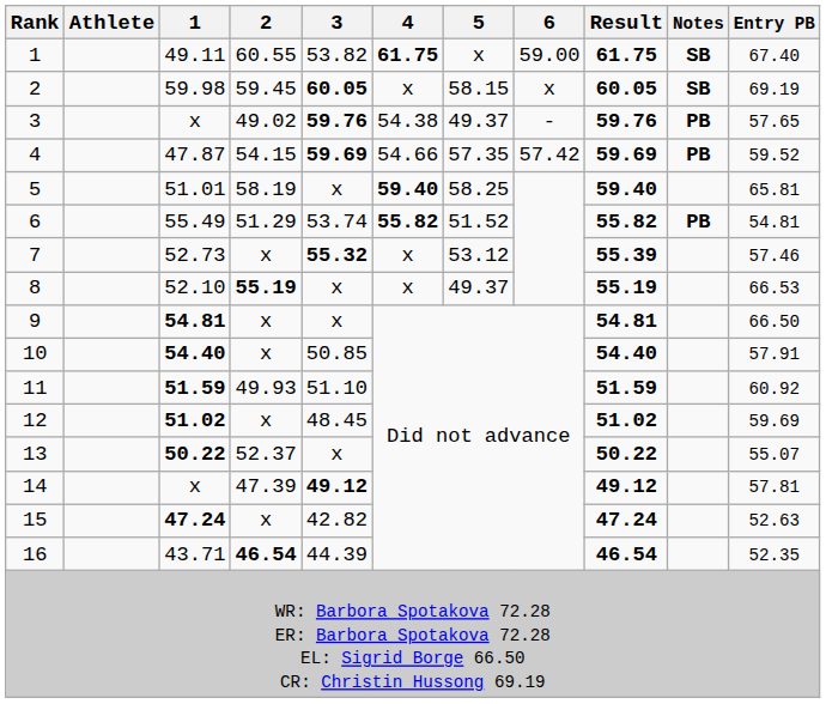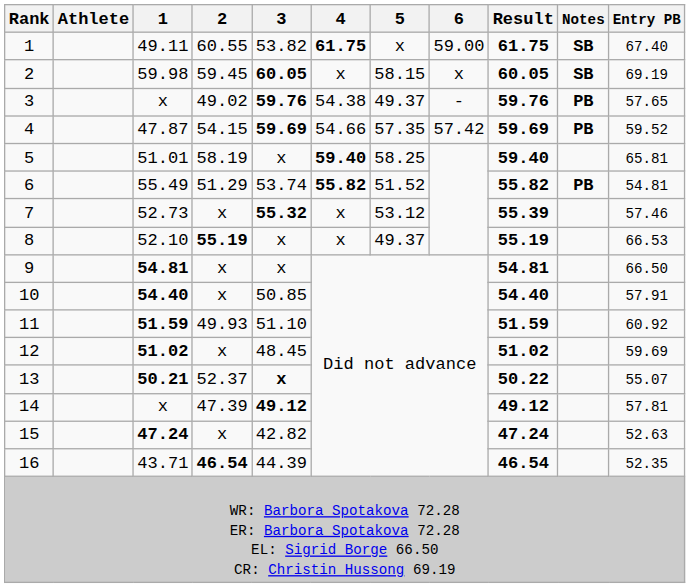 <table class="wikitable sortable" style="text-align:center;">
 <tr>
 <th>Rank</th>
 <th>Athlete</th>
 <th>1</th>
 <th>2</th>
 <th>3</th>
 <th>4</th>
 <th>5</th>
 <th>6</th>
 <th>Result</th>
 <th><small>Notes</small></th>
 <th><small>Entry PB</small></th>
 </tr>
 <tr>
 <td>1</td>
 <td align=left></td>
 <td>49.11</td>
 <td>60.55</td>
 <td>53.82</td>
 <td><strong>61.75</strong></td>
 <td>x</td>
 <td>59.00</td>
 <td><strong>61.75</strong></td>
 <td> <strong>SB</strong></td>
 <td><small>67.40</small></td>
 </tr>
 <tr>
 <td>2</td>
 <td align=left></td>
 <td>59.98</td>
 <td>59.45</td>
 <td><strong>60.05</strong></td>
 <td>x</td>
 <td>58.15</td>
 <td>x</td>
 <td><strong>60.05</strong></td>
 <td><strong>SB</strong></td>
 <td><small>69.19</small></td>
 </tr>
 <tr>
 <td>3</td>
 <td align=left></td>
 <td>x</td>
 <td>49.02</td>
 <td><strong>59.76</strong></td>
 <td>54.38</td>
 <td>49.37</td>
 <td>-</td>
 <td><strong>59.76</strong></td>
 <td><strong>PB</strong></td>
 <td><small>57.65</small></td>
 </tr>
 <tr>
 <td>4</td>
 <td align=left></td>
 <td>47.87</td>
 <td>54.15</td>
 <td><strong>59.69</strong></td>
 <td>54.66</td>
 <td>57.35</td>
 <td>57.42</td>
 <td><strong>59.69</strong></td>
 <td><strong>PB</strong></td>
 <td><small>59.52</small></td>
 </tr>
 <tr>
 <td>5</td>
 <td align=left></td>
 <td>51.01</td>
 <td>58.19</td>
 <td>x</td>
 <td><strong>59.40</strong></td>
 <td>58.25</td>
 <td rowspan=4></td>
 <td><strong>59.40</strong></td>
 <td></td>
 <td><small>65.81</small></td>
 </tr>
 <tr>
 <td>6</td>
 <td align=left></td>
 <td>55.49</td>
 <td>51.29</td>
 <td>53.74</td>
 <td><strong>55.82</strong></td>
 <td>51.52</td>
 <td><strong>55.82</strong></td>
 <td><strong>PB</strong></td>
 <td><small>54.81</small></td>
 </tr>
 <tr>
 <td>7</td>
 <td align=left></td>
 <td>52.73</td>
 <td>x</td>
 <td><strong>55.32</strong></td>
 <td>x</td>
 <td>53.12</td>
 <td><strong>55.39</strong></td>
 <td></td>
 <td><small>57.46</small></td>
 </tr>
 <tr>
 <td>8</td>
 <td align=left></td>
 <td>52.10</td>
 <td><strong>55.19</strong></td>
 <td>x</td>
 <td>x</td>
 <td>49.37</td>
 <td><strong>55.19</strong></td>
 <td></td>
 <td><small>66.53</small></td>
 </tr>
 <tr>
 <td>9</td>
 <td align=left></td>
 <td><strong>54.81</strong></td>
 <td>x</td>
 <td>x</td>
 <td rowspan=8 colspan=3>Did not advance</td>
 <td><strong>54.81</strong></td>
 <td></td>
 <td><small>66.50</small></td>
 </tr>
 <tr>
 <td>10</td>
 <td align=left></td>
 <td><strong>54.40</strong></td>
 <td>x</td>
 <td>50.85</td>
 <td><strong>54.40</strong></td>
 <td></td>
 <td><small>57.91</small></td>
 </tr>
 <tr>
 <td>11</td>
 <td align=left></td>
 <td><strong>51.59</strong></td>
 <td>49.93</td>
 <td>51.10</td>
 <td><strong>51.59</strong></td>
 <td></td>
 <td><small>60.92</small></td>
 </tr>
 <tr>
 <td>12</td>
 <td align=left></td>
 <td><strong>51.02</strong></td>
 <td>x</td>
 <td>48.45</td>
 <td><strong>51.02</strong></td>
 <td></td>
 <td><small>59.69</small></td>
 </tr>
 <tr>
 <td>13</td>
 <td align=left></td>
-<td><strong>50.22</strong></td>
+<td><strong>50.21</strong></td>
 <td>52.37</td>
-<td>x</td>
+<td><strong>x</strong></td>
 <td><strong>50.22</strong></td>
 <td></td>
 <td><small>55.07</small></td>
 </tr>
 <tr>
 <td>14</td>
 <td align=left></td>
 <td>x</td>
 <td>47.39</td>
 <td><strong>49.12</strong></td>
 <td><strong>49.12</strong></td>
 <td></td>
 <td><small>57.81</small></td>
 </tr>
 <tr>
 <td>15</td>
 <td align=left></td>
 <td><strong>47.24</strong></td>
 <td>x</td>
 <td>42.82</td>
 <td><strong>47.24</strong></td>
 <td></td>
 <td><small>52.63</small></td>
 </tr>
 <tr>
 <td>16</td>
 <td align=left></td>
 <td>43.71</td>
 <td><strong>46.54</strong></td>
 <td>44.39</td>
 <td><strong>46.54</strong></td>
 <td></td>
 <td><small>52.35</small></td>
 </tr>
 <tr>
 <td colspan="11" bgcolor="#cccccc"><br> <small>WR:  <a href='#'>Barbora Spotakova</a> 72.28<br>ER:  <a href='#'>Barbora Spotakova</a> 72.28<br></small> <small>EL:   <a href='#'>Sigrid Borge</a> 66.50<br>CR:  <a href='#'>Christin Hussong</a> 69.19</small></td>
 </tr>
 </table>
